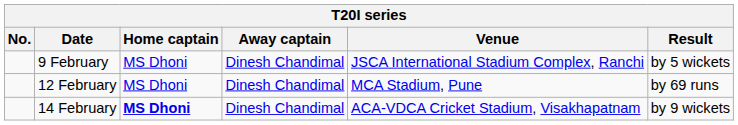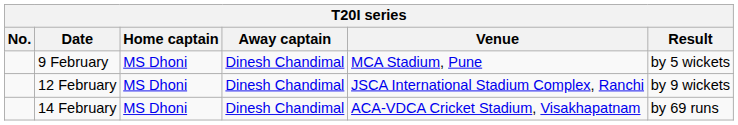 <table class="wikitable">
 <tr>
 <th colspan="9">T20I series</th>
 </tr>
 <tr>
 <th>No.</th>
 <th>Date</th>
 <th>Home captain</th>
 <th>Away captain</th>
 <th>Venue</th>
 <th>Result</th>
 </tr>
 <tr>
 <td></td>
 <td>9 February</td>
 <td><a href='#'>MS Dhoni</a></td>
 <td><a href='#'>Dinesh Chandimal</a></td>
-<td><a href='#'>JSCA International Stadium Complex</a>, <a href='#'>Ranchi</a></td>
+<td><a href='#'>MCA Stadium</a>, <a href='#'>Pune</a></td>
 <td> by 5 wickets</td>
 </tr>
 <tr>
 <td></td>
 <td>12 February</td>
 <td><a href='#'>MS Dhoni</a></td>
 <td><a href='#'>Dinesh Chandimal</a></td>
-<td><a href='#'>MCA Stadium</a>, <a href='#'>Pune</a></td>
-<td> by 69 runs</td>
+<td><a href='#'>JSCA International Stadium Complex</a>, <a href='#'>Ranchi</a></td>
+<td> by 9 wickets</td>
 </tr>
 <tr>
 <td></td>
 <td>14 February</td>
-<td><strong><a href='#'>MS Dhoni</a></strong></td>
+<td><a href='#'>MS Dhoni</a></td>
 <td><a href='#'>Dinesh Chandimal</a></td>
 <td><a href='#'>ACA-VDCA Cricket Stadium</a>, <a href='#'>Visakhapatnam</a></td>
-<td> by 9 wickets</td>
+<td> by 69 runs</td>
 </tr>
 </table>
